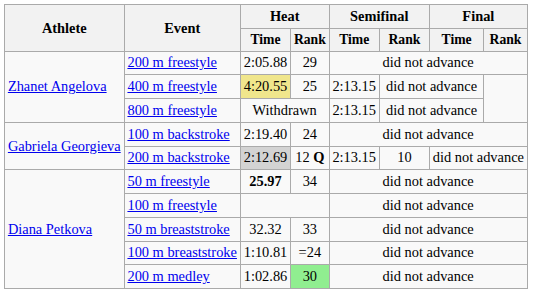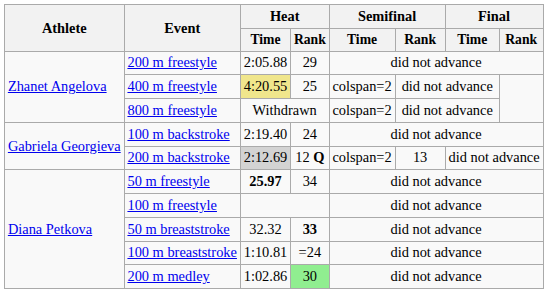 <table class="wikitable" style="text-align:center; font-size:90%">
 <tr>
 <th rowspan="2">Athlete</th>
 <th rowspan="2">Event</th>
 <th colspan="2">Heat</th>
 <th colspan="2">Semifinal</th>
 <th colspan="2">Final</th>
 </tr>
 <tr style="font-size:95%">
 <th>Time</th>
 <th>Rank</th>
 <th>Time</th>
 <th>Rank</th>
 <th>Time</th>
 <th>Rank</th>
 </tr>
 <tr>
 <td rowspan=3 align=left><a href='#'>Zhanet Angelova</a></td>
 <td align=left><a href='#'>200 m freestyle</a></td>
 <td>2:05.88</td>
 <td>29</td>
 <td colspan=4>did not advance</td>
 </tr>
 <tr>
 <td align=left><a href='#'>400 m freestyle</a></td>
 <td style="background: khaki;">4:20.55</td>
 <td>25</td>
-<td>2:13.15</td>
+<td>colspan=2 </td>
 <td colspan=2>did not advance</td>
 </tr>
 <tr>
 <td align=left><a href='#'>800 m freestyle</a></td>
 <td colspan=2>Withdrawn</td>
-<td>2:13.15</td>
+<td>colspan=2 </td>
 <td colspan=2>did not advance</td>
 </tr>
 <tr>
 <td rowspan=2 align=left><a href='#'>Gabriela Georgieva</a></td>
 <td align=left><a href='#'>100 m backstroke</a></td>
 <td>2:19.40</td>
 <td>24</td>
 <td colspan=4>did not advance</td>
 </tr>
 <tr>
 <td align=left><a href='#'>200 m backstroke</a></td>
 <td style="background: lightgrey;">2:12.69</td>
 <td>12 <strong>Q</strong></td>
-<td>2:13.15</td>
-<td>10</td>
+<td>colspan=2 </td>
+<td>13</td>
 <td colspan=2>did not advance</td>
 </tr>
 <tr>
 <td rowspan=5 align=left><a href='#'>Diana Petkova</a></td>
 <td align=left><a href='#'>50 m freestyle</a></td>
 <td><strong>25.97</strong></td>
 <td>34</td>
 <td colspan=4>did not advance</td>
 </tr>
 <tr>
 <td align=left><a href='#'>100 m freestyle</a></td>
 <td colspan=2></td>
 <td colspan=4>did not advance</td>
 </tr>
 <tr>
 <td align=left><a href='#'>50 m breaststroke</a></td>
 <td>32.32</td>
-<td>33</td>
+<td><strong>33</strong></td>
 <td colspan=4>did not advance</td>
 </tr>
 <tr>
 <td align=left><a href='#'>100 m breaststroke</a></td>
 <td>1:10.81</td>
 <td>=24</td>
 <td colspan=4>did not advance</td>
 </tr>
 <tr>
 <td align=left><a href='#'>200 m medley</a></td>
 <td>1:02.86</td>
 <td style="background: lightgreen;">30</td>
 <td colspan=4>did not advance</td>
 </tr>
 </table>
